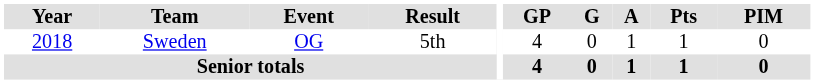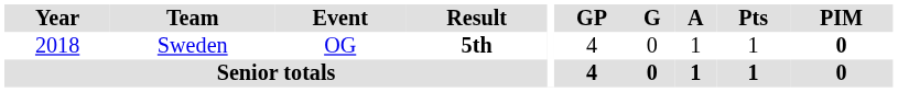 <table border="0" cellpadding="1" cellspacing="0" ID="Table3" style="text-align:center; width:40em">
 <tr ALIGN="center" bgcolor="#e0e0e0">
 <th>Year</th>
 <th>Team</th>
 <th>Event</th>
 <th>Result</th>
 <th rowspan="99" bgcolor="#ffffff"></th>
 <th>GP</th>
 <th>G</th>
 <th>A</th>
 <th>Pts</th>
 <th>PIM</th>
 </tr>
 <tr>
 <td><a href='#'>2018</a></td>
 <td><a href='#'>Sweden</a></td>
 <td><a href='#'>OG</a></td>
-<td>5th</td>
+<td><strong>5th</strong></td>
 <td>4</td>
 <td>0</td>
 <td>1</td>
 <td>1</td>
-<td>0</td>
+<td><strong>0</strong></td>
 </tr>
 <tr bgcolor="#e0e0e0">
 <th colspan="4">Senior totals</th>
 <th>4</th>
 <th>0</th>
 <th>1</th>
 <th>1</th>
 <th>0</th>
 </tr>
 </table>
